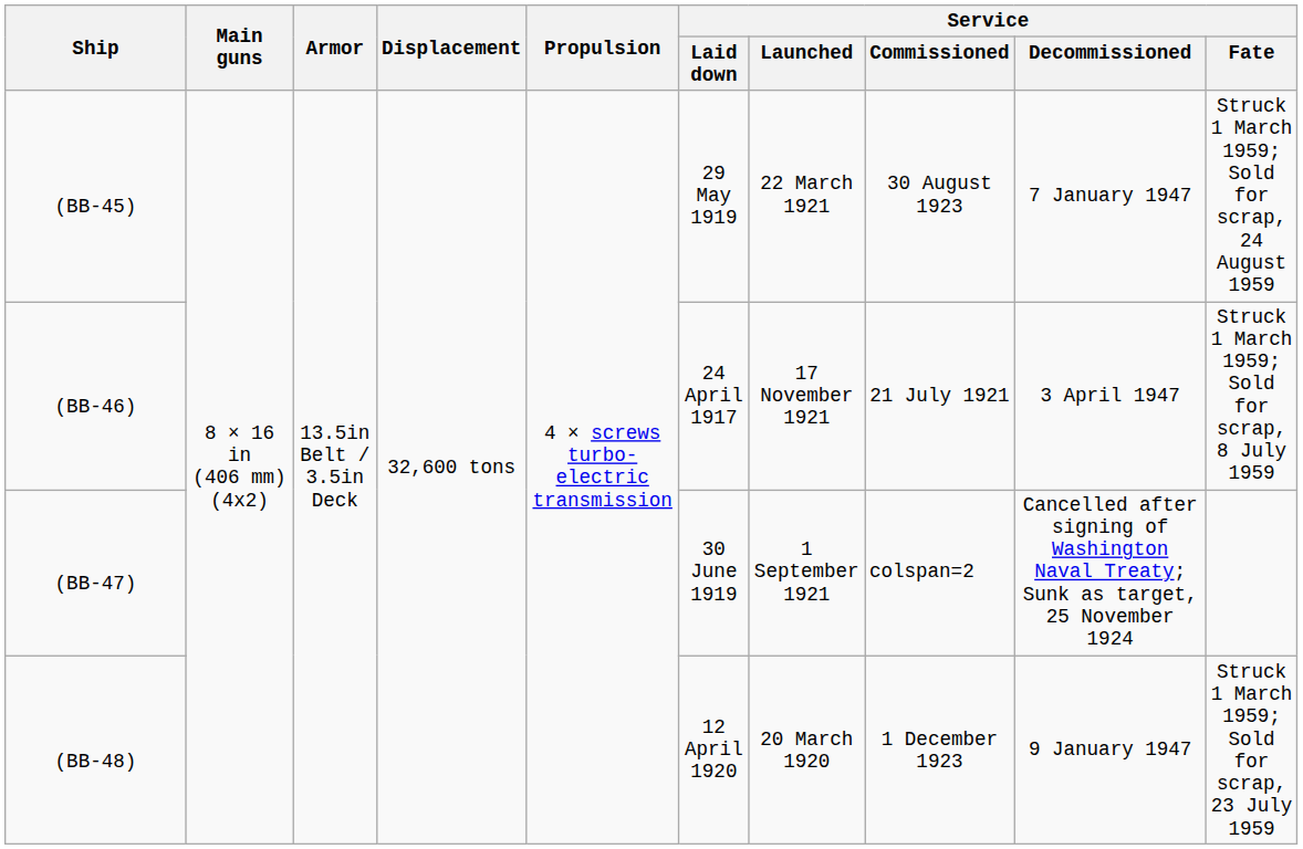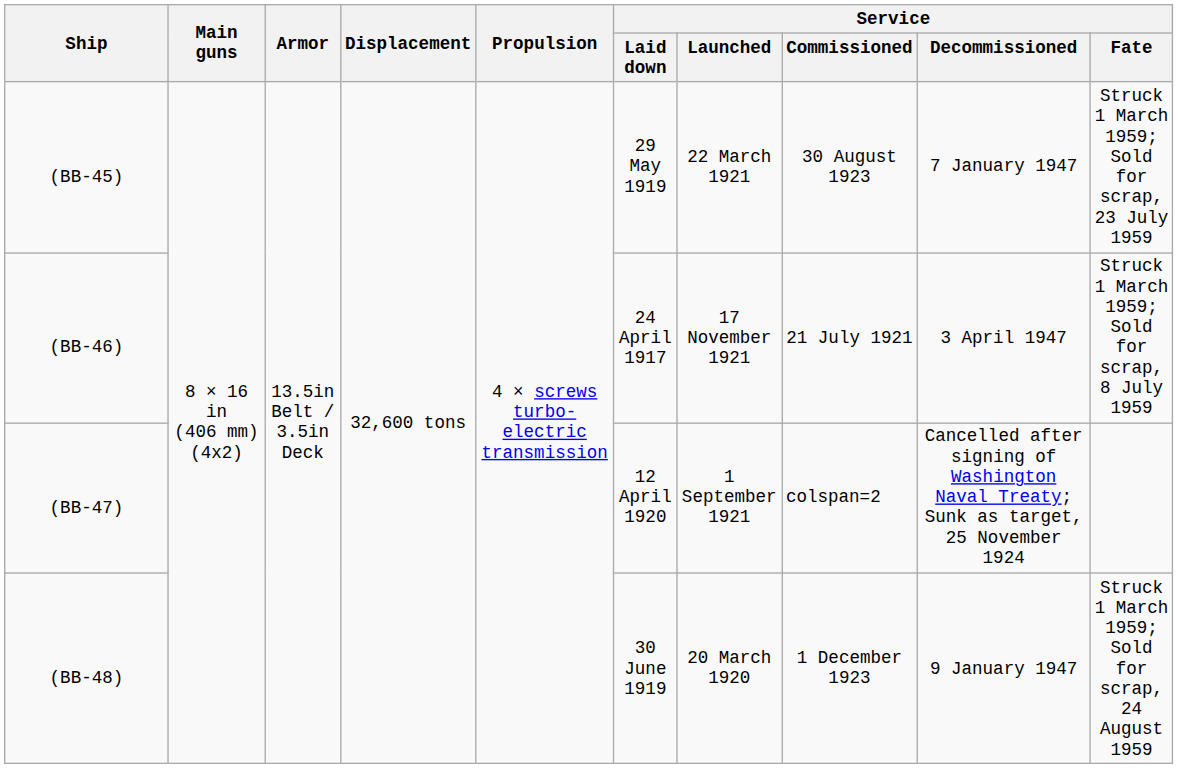 <table class="wikitable" style="width:98%;">
 <tr valign="center">
 <th scope="col" rowspan="2" style="text-align:center; width:14%;">Ship</th>
 <th scope="col" style="text-align:center;" rowspan="2">Main guns</th>
 <th scope="col" style="text-align:center;" rowspan="2">Armor</th>
 <th scope="col" style="text-align:center;" rowspan="2">Displacement</th>
 <th scope="col" style="text-align:center;" rowspan="2">Propulsion</th>
 <th scope="col" style="text-align:center;" colspan="5">Service</th>
 </tr>
 <tr valign="top">
 <th scope="col" style="text-align:center;">Laid down</th>
 <th scope="col" style="text-align:center;">Launched</th>
 <th scope="col" style="text-align:center;">Commissioned</th>
 <th scope="col" style="text-align:center;">Decommissioned</th>
 <th scope="col" style="text-align:center;">Fate</th>
 </tr>
 <tr>
 <td style="text-align:center"><br>(BB-45)</td>
 <td style="text-align:center;" rowspan="5">8 × 16 in (406 mm) (4x2)</td>
 <td style="text-align:center;" rowspan="5">13.5in Belt / 3.5in Deck</td>
 <td style="text-align:center;" rowspan="5">32,600 tons</td>
 <td style="text-align:center;" rowspan="5">4 × <a href='#'>screws</a><br><a href='#'>turbo-electric transmission</a></td>
 <td style="text-align:center">29 May 1919</td>
 <td style="text-align:center">22 March 1921</td>
 <td style="text-align:center">30 August 1923</td>
 <td style="text-align:center">7 January 1947</td>
-<td style="text-align:center">Struck 1 March 1959; Sold for scrap, 24 August 1959</td>
+<td style="text-align:center">Struck 1 March 1959; Sold for scrap, 23 July 1959</td>
 </tr>
 <tr>
 <td style="text-align:center"><br>(BB-46)</td>
 <td style="text-align:center">24 April 1917</td>
 <td style="text-align:center">17 November 1921</td>
 <td style="text-align:center">21 July 1921</td>
 <td style="text-align:center">3 April 1947</td>
 <td style="text-align:center">Struck 1 March 1959; Sold for scrap, 8 July 1959</td>
 </tr>
 <tr>
 <td style="text-align:center"><br>(BB-47)</td>
-<td style="text-align:center">30 June 1919</td>
+<td style="text-align:center">12 April 1920</td>
 <td style="text-align:center">1 September 1921</td>
 <td>colspan=2 </td>
 <td style="text-align:center">Cancelled after signing of <a href='#'>Washington Naval Treaty</a>; Sunk as target, 25 November 1924</td>
 </tr>
 <tr>
 <td style="text-align:center"><br>(BB-48)</td>
-<td style="text-align:center">12 April 1920</td>
+<td style="text-align:center">30 June 1919</td>
 <td style="text-align:center">20 March 1920</td>
 <td style="text-align:center">1 December 1923</td>
 <td style="text-align:center">9 January 1947</td>
-<td style="text-align:center">Struck 1 March 1959; Sold for scrap, 23 July 1959</td>
+<td style="text-align:center">Struck 1 March 1959; Sold for scrap, 24 August 1959</td>
 </tr>
 </table>
